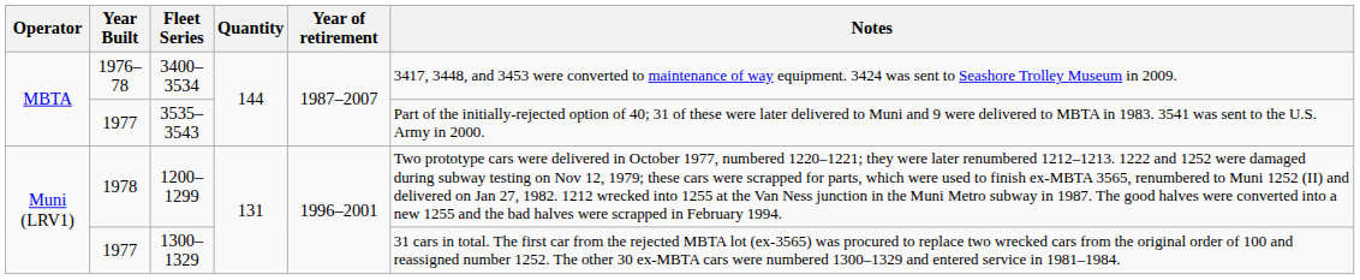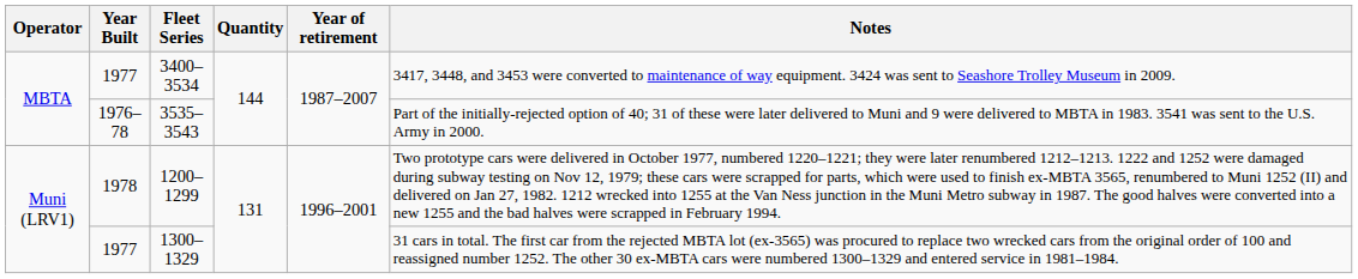 <table class="wikitable" style="text-align:center">
 <tr>
 <th>Operator</th>
 <th>Year Built</th>
 <th>Fleet Series</th>
 <th>Quantity</th>
 <th>Year of retirement</th>
 <th>Notes</th>
 </tr>
 <tr>
 <td rowspan=2><a href='#'>MBTA</a><br></td>
-<td>1976–78</td>
+<td>1977</td>
 <td>3400–3534</td>
 <td rowspan=2>144</td>
 <td rowspan=2>1987–2007</td>
 <td style="text-align:left;font-size:90%;">3417, 3448, and 3453 were converted to <a href='#'>maintenance of way</a> equipment. 3424 was sent to <a href='#'>Seashore Trolley Museum</a> in 2009.</td>
 </tr>
 <tr>
-<td>1977</td>
+<td>1976–78</td>
 <td>3535–3543</td>
 <td style="text-align:left;font-size:90%;">Part of the initially-rejected option of 40; 31 of these were later delivered to Muni and 9 were delivered to MBTA in 1983. 3541 was sent to the U.S. Army in 2000.</td>
 </tr>
 <tr>
 <td rowspan="2"><a href='#'>Muni</a> (LRV1)<br></td>
 <td>1978</td>
 <td>1200–1299</td>
 <td rowspan="2">131</td>
 <td rowspan="2">1996–2001</td>
 <td style="text-align:left;font-size:90%;">Two prototype cars were delivered in October 1977, numbered 1220–1221; they were later renumbered 1212–1213. 1222 and 1252 were damaged during subway testing on Nov 12, 1979; these cars were scrapped for parts, which were used to finish ex-MBTA 3565, renumbered to Muni 1252 (II) and delivered on Jan 27, 1982. 1212 wrecked into 1255 at the Van Ness junction in the Muni Metro subway in 1987. The good halves were converted into a new 1255 and the bad halves were scrapped in February 1994.</td>
 </tr>
 <tr>
 <td>1977</td>
 <td>1300–1329</td>
 <td style="text-align:left;font-size:90%;">31 cars in total. The first car from the rejected MBTA lot (ex-3565) was procured to replace two wrecked cars from the original order of 100 and reassigned number 1252. The other 30 ex-MBTA cars were numbered 1300–1329 and entered service in 1981–1984.</td>
 </tr>
 </table>
